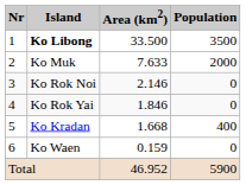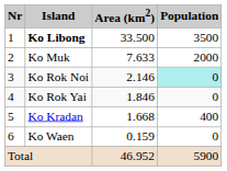 <table class="wikitable sortable">
 <tr>
 <th style="background: #CCC;">Nr</th>
 <th style="background: #CCC;" class="unsortable">Island</th>
 <th style="background: #CCC;">Area (km<sup>2</sup>)</th>
 <th style="background: #CCC;">Population</th>
 </tr>
 <tr style="background:#FFFFFF;">
 <td>1</td>
 <td><strong>Ko Libong</strong></td>
 <td align="right">33.500</td>
 <td align="right">3500</td>
 </tr>
 <tr style="background:#FFFFFF;">
 <td>2</td>
 <td>Ko Muk</td>
 <td align="right">7.633</td>
 <td align="right">2000</td>
 </tr>
 <tr>
 <td>3</td>
 <td>Ko Rok Noi</td>
 <td align="right">2.146</td>
-<td align="right">0</td>
+<td align="right" style="background: paleturquoise;">0</td>
 </tr>
 <tr>
 <td>4</td>
 <td>Ko Rok Yai</td>
 <td align="right">1.846</td>
 <td align="right">0</td>
 </tr>
 <tr style="background:#FFFFFF;">
 <td>5</td>
 <td><a href='#'>Ko Kradan</a></td>
 <td align="right">1.668</td>
 <td align="right">400</td>
 </tr>
 <tr style="background:#FFFFFF;">
 <td>6</td>
 <td>Ko Waen</td>
 <td align="right">0.159</td>
 <td align="right">0</td>
 </tr>
 <tr style="background:#F2E0CE;" | class="sortbottom">
 <td colspan=2>Total</td>
 <td align="right">46.952</td>
 <td align="right">5900</td>
 </tr>
 </table>
